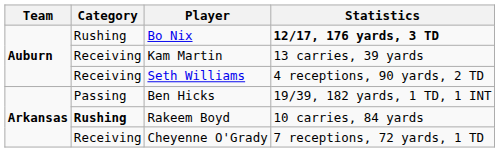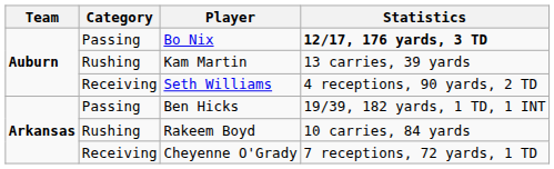 <table class="wikitable" style="float: right;">
 <tr>
 <th>Team</th>
 <th>Category</th>
 <th>Player</th>
 <th>Statistics</th>
 </tr>
 <tr>
 <td rowspan=3><strong>Auburn</strong></td>
-<td>Rushing</td>
+<td>Passing</td>
 <td><a href='#'>Bo Nix</a></td>
 <td><strong>12/17, 176 yards, 3 TD</strong></td>
 </tr>
 <tr>
-<td>Receiving</td>
+<td>Rushing</td>
 <td>Kam Martin</td>
 <td>13 carries, 39 yards</td>
 </tr>
 <tr>
 <td>Receiving</td>
 <td><a href='#'>Seth Williams</a></td>
 <td>4 receptions, 90 yards, 2 TD</td>
 </tr>
 <tr>
 <td rowspan=3><strong>Arkansas</strong></td>
 <td>Passing</td>
 <td>Ben Hicks</td>
 <td>19/39, 182 yards, 1 TD, 1 INT</td>
 </tr>
 <tr>
-<td><strong>Rushing</strong></td>
+<td>Rushing</td>
 <td>Rakeem Boyd</td>
 <td>10 carries, 84 yards</td>
 </tr>
 <tr>
 <td>Receiving</td>
 <td>Cheyenne O'Grady</td>
 <td>7 receptions, 72 yards, 1 TD</td>
 </tr>
 </table>
